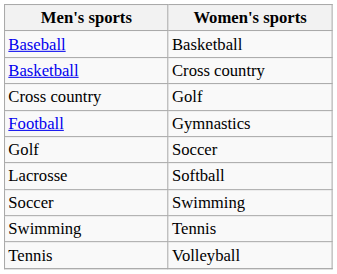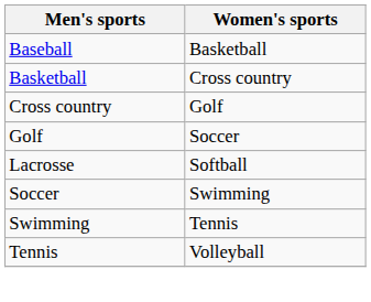 <table class="wikitable"; style= "text-align: ">
 <tr>
 <th width=150px>Men's sports</th>
 <th width=150px>Women's sports</th>
 </tr>
 <tr>
 <td><a href='#'>Baseball</a></td>
 <td>Basketball</td>
 </tr>
 <tr>
 <td><a href='#'>Basketball</a></td>
 <td>Cross country</td>
 </tr>
 <tr>
 <td>Cross country</td>
 <td>Golf</td>
-</tr>
-<tr>
-<td><a href='#'>Football</a></td>
-<td>Gymnastics</td>
 </tr>
 <tr>
 <td>Golf</td>
 <td>Soccer</td>
 </tr>
 <tr>
 <td>Lacrosse</td>
 <td>Softball</td>
 </tr>
 <tr>
 <td>Soccer</td>
 <td>Swimming</td>
 </tr>
 <tr>
 <td>Swimming</td>
 <td>Tennis</td>
 </tr>
 <tr>
 <td>Tennis</td>
 <td>Volleyball</td>
 </tr>
 <tr>
 </tr>
 </table>
